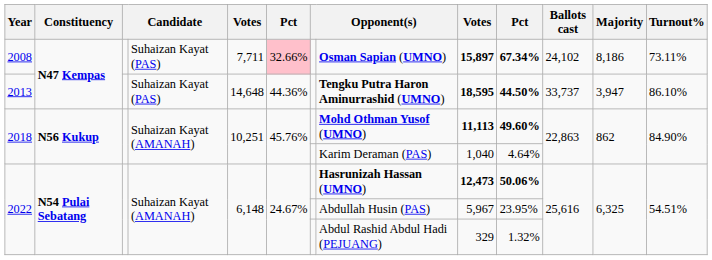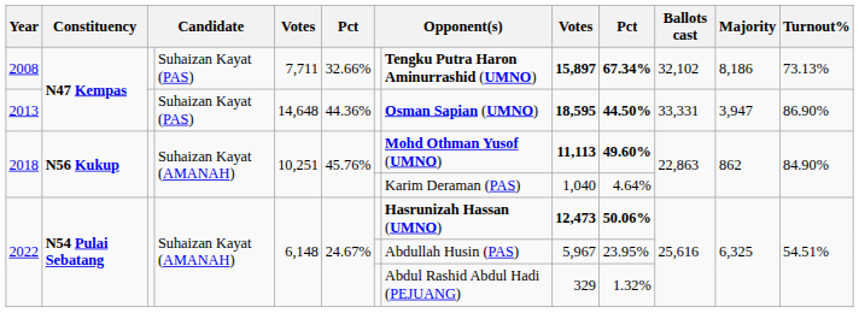 <table class="wikitable" style="margin:0.5em ; font-size:95%">
 <tr>
 <th>Year</th>
 <th>Constituency</th>
 <th colspan=2>Candidate</th>
 <th>Votes</th>
 <th>Pct</th>
 <th colspan=2>Opponent(s)</th>
 <th>Votes</th>
 <th>Pct</th>
 <th>Ballots cast</th>
 <th>Majority</th>
 <th>Turnout%</th>
 </tr>
 <tr>
 <td><a href='#'>2008</a></td>
 <td rowspan=2><strong>N47 <a href='#'>Kempas</a></strong></td>
 <td></td>
 <td>Suhaizan Kayat (<a href='#'>PAS</a>)</td>
 <td align="right">7,711</td>
-<td style="background: pink;">32.66%</td>
+<td>32.66%</td>
 <td></td>
-<td><strong><a href='#'>Osman Sapian</a></strong> (<a href='#'><strong>UMNO</strong></a>)</td>
+<td><strong>Tengku Putra Haron Aminurrashid</strong> (<a href='#'><strong>UMNO</strong></a>)</td>
 <td align="right"><strong>15,897</strong></td>
 <td><strong>67.34%</strong></td>
-<td>24,102</td>
+<td>32,102</td>
 <td>8,186</td>
-<td>73.11%</td>
+<td>73.13%</td>
 </tr>
 <tr>
 <td><a href='#'>2013</a></td>
 <td></td>
 <td>Suhaizan Kayat (<a href='#'>PAS</a>)</td>
 <td align="right">14,648</td>
 <td>44.36%</td>
 <td></td>
-<td><strong>Tengku Putra Haron Aminurrashid</strong> (<a href='#'><strong>UMNO</strong></a>)</td>
+<td><strong><a href='#'>Osman Sapian</a></strong> (<a href='#'><strong>UMNO</strong></a>)</td>
 <td align="right"><strong>18,595</strong></td>
 <td><strong>44.50%</strong></td>
-<td>33,737</td>
+<td>33,331</td>
 <td>3,947</td>
-<td>86.10%</td>
+<td>86.90%</td>
 </tr>
 <tr>
 <td rowspan=2><a href='#'>2018</a></td>
 <td rowspan=2><strong>N56 <a href='#'>Kukup</a></strong></td>
 <td rowspan=2 ></td>
 <td rowspan=2>Suhaizan Kayat (<a href='#'>AMANAH</a>)</td>
 <td rowspan=2 align="right">10,251</td>
 <td rowspan=2>45.76%</td>
 <td></td>
 <td><strong><a href='#'>Mohd Othman Yusof</a></strong> (<a href='#'><strong>UMNO</strong></a>)</td>
 <td align="right"><strong>11,113</strong></td>
 <td><strong>49.60%</strong></td>
 <td rowspan=2>22,863</td>
 <td rowspan=2>862</td>
 <td rowspan=2>84.90%</td>
 </tr>
 <tr>
 <td></td>
 <td>Karim Deraman (<a href='#'>PAS</a>)</td>
 <td align="right">1,040</td>
 <td align=right>4.64%</td>
 </tr>
 <tr>
 <td rowspan="3"><a href='#'>2022</a></td>
 <td rowspan="3"><strong>N54 <a href='#'>Pulai Sebatang</a></strong></td>
 <td rowspan="3" ></td>
 <td rowspan="3">Suhaizan Kayat (<a href='#'>AMANAH</a>)</td>
 <td rowspan="3" align="right">6,148</td>
 <td rowspan="3">24.67%</td>
 <td></td>
 <td><strong>Hasrunizah Hassan</strong> (<a href='#'><strong>UMNO</strong></a>)</td>
 <td align="right"><strong>12,473</strong></td>
 <td><strong>50.06%</strong></td>
 <td rowspan="3">25,616</td>
 <td rowspan="3">6,325</td>
 <td rowspan="3">54.51%</td>
 </tr>
 <tr>
 <td></td>
 <td>Abdullah Husin (<a href='#'>PAS</a>)</td>
 <td align="right">5,967</td>
 <td>23.95%</td>
 </tr>
 <tr>
 <td></td>
 <td>Abdul Rashid Abdul Hadi (<a href='#'>PEJUANG</a>)</td>
 <td align="right">329</td>
 <td align="right">1.32%</td>
 </tr>
 </table>
